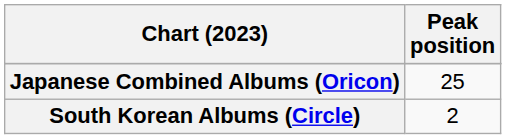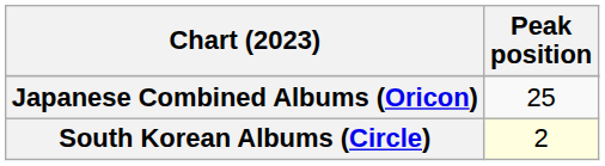 <table class="wikitable sortable plainrowheaders" style="text-align:center;">
 <tr>
 <th scope="col">Chart (2023)</th>
 <th scope="col">Peak<br>position</th>
 </tr>
 <tr>
 </tr>
 <tr>
 <th scope="row">Japanese Combined Albums (<a href='#'>Oricon</a>)</th>
 <td>25</td>
 </tr>
 <tr>
 <th scope="row">South Korean Albums (<a href='#'>Circle</a>)</th>
-<td>2</td>
+<td style="background: lightyellow;">2</td>
 </tr>
 </table>
